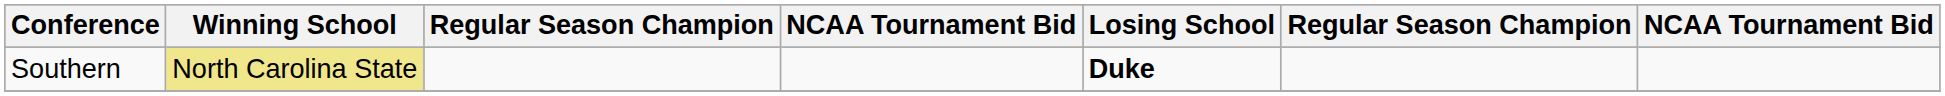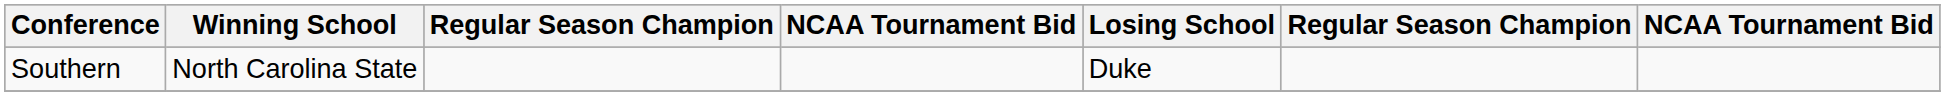 <table class="wikitable">
 <tr>
 <th>Conference</th>
 <th>Winning School</th>
 <th>Regular Season Champion</th>
 <th>NCAA Tournament Bid</th>
 <th>Losing School</th>
 <th>Regular Season Champion</th>
 <th>NCAA Tournament Bid</th>
 </tr>
 <tr>
 <td>Southern</td>
-<td style="background: khaki;">North Carolina State</td>
+<td>North Carolina State</td>
 <td></td>
 <td></td>
-<td><strong>Duke</strong></td>
+<td>Duke</td>
 <td></td>
 <td></td>
 </tr>
 <tr>
 </tr>
 </table>
